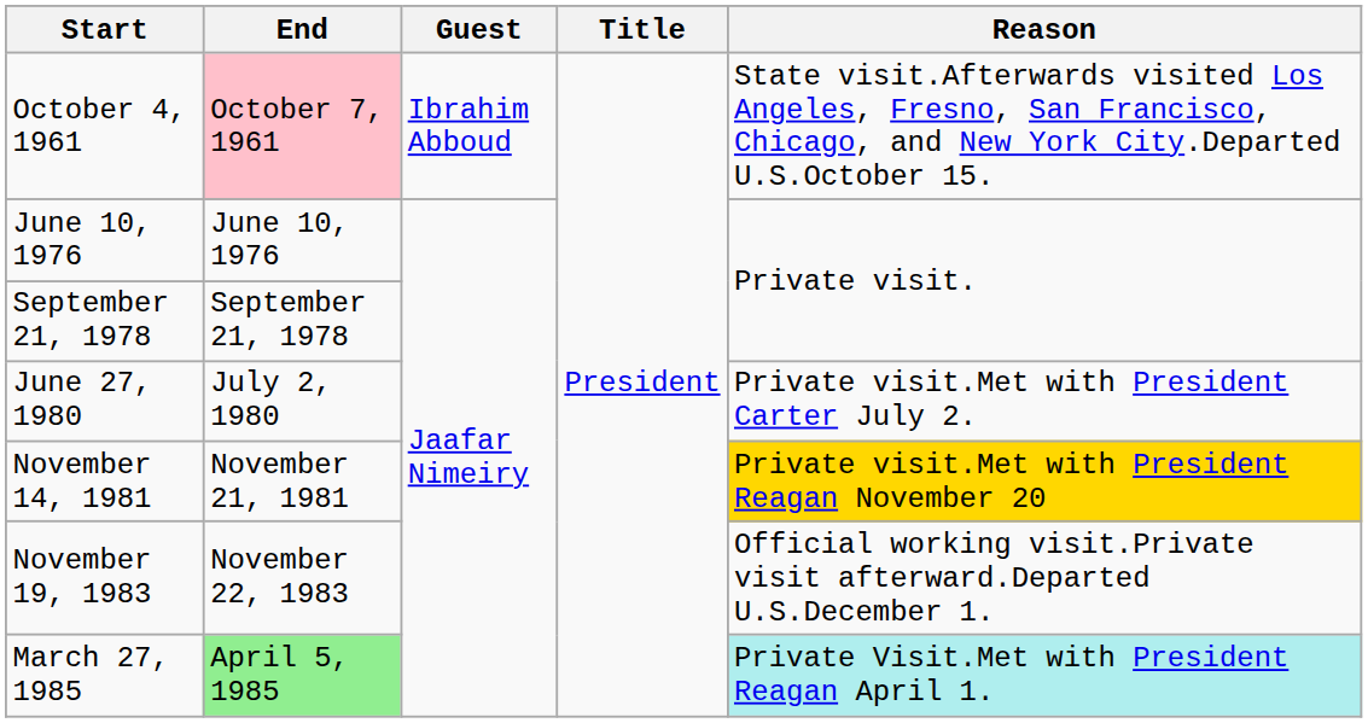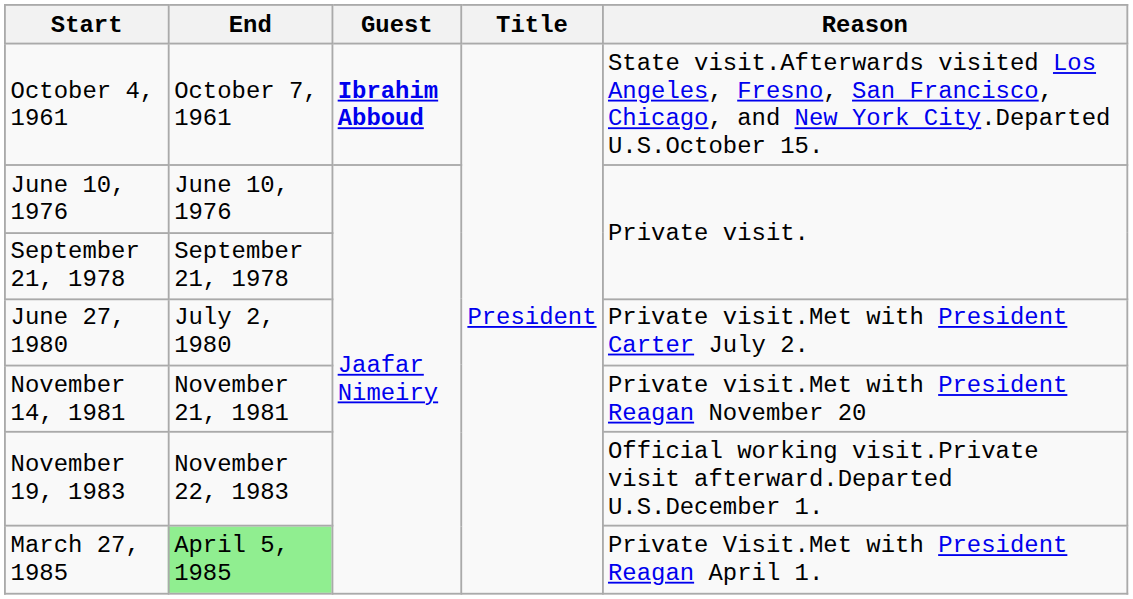 <table class="wikitable sortable">
 <tr>
 <th>Start</th>
 <th>End</th>
 <th>Guest</th>
 <th>Title</th>
 <th>Reason</th>
 </tr>
 <tr>
 <td>October 4, 1961</td>
-<td style="background: pink;">October 7, 1961</td>
-<td><a href='#'>Ibrahim Abboud</a></td>
+<td>October 7, 1961</td>
+<td><strong><a href='#'>Ibrahim Abboud</a></strong></td>
 <td rowspan=7><a href='#'>President</a></td>
 <td>State visit.Afterwards visited <a href='#'>Los Angeles</a>, <a href='#'>Fresno</a>, <a href='#'>San Francisco</a>, <a href='#'>Chicago</a>, and <a href='#'>New York City</a>.Departed U.S.October 15.</td>
 </tr>
 <tr>
 <td>June 10, 1976</td>
 <td>June 10, 1976</td>
 <td rowspan=6><a href='#'>Jaafar Nimeiry</a></td>
 <td rowspan=2>Private visit.</td>
 </tr>
 <tr>
 <td>September 21, 1978</td>
 <td>September 21, 1978</td>
 </tr>
 <tr>
 <td>June 27, 1980</td>
 <td>July 2, 1980</td>
 <td>Private visit.Met with <a href='#'>President Carter</a> July 2.</td>
 </tr>
 <tr>
 <td>November 14, 1981</td>
 <td>November 21, 1981</td>
-<td style="background: gold;">Private visit.Met with <a href='#'>President Reagan</a> November 20</td>
+<td>Private visit.Met with <a href='#'>President Reagan</a> November 20</td>
 </tr>
 <tr>
 <td>November 19, 1983</td>
 <td>November 22, 1983</td>
 <td>Official working visit.Private visit afterward.Departed U.S.December 1.</td>
 </tr>
 <tr>
 <td>March 27, 1985</td>
 <td style="background: lightgreen;">April 5, 1985</td>
-<td style="background: paleturquoise;">Private Visit.Met with <a href='#'>President Reagan</a> April 1.</td>
+<td>Private Visit.Met with <a href='#'>President Reagan</a> April 1.</td>
 </tr>
 </table>
